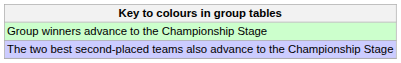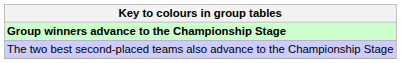 <table class="wikitable">
 <tr>
 <th>Key to colours in group tables</th>
 </tr>
 <tr bgcolor="#ccffcc">
-<td>Group winners advance to the Championship Stage</td>
+<td><strong>Group winners advance to the Championship Stage</strong></td>
 </tr>
 <tr bgcolor="#ccccff">
 <td>The two best second-placed teams also advance to the Championship Stage</td>
 </tr>
 <tr>
 </tr>
 </table>
